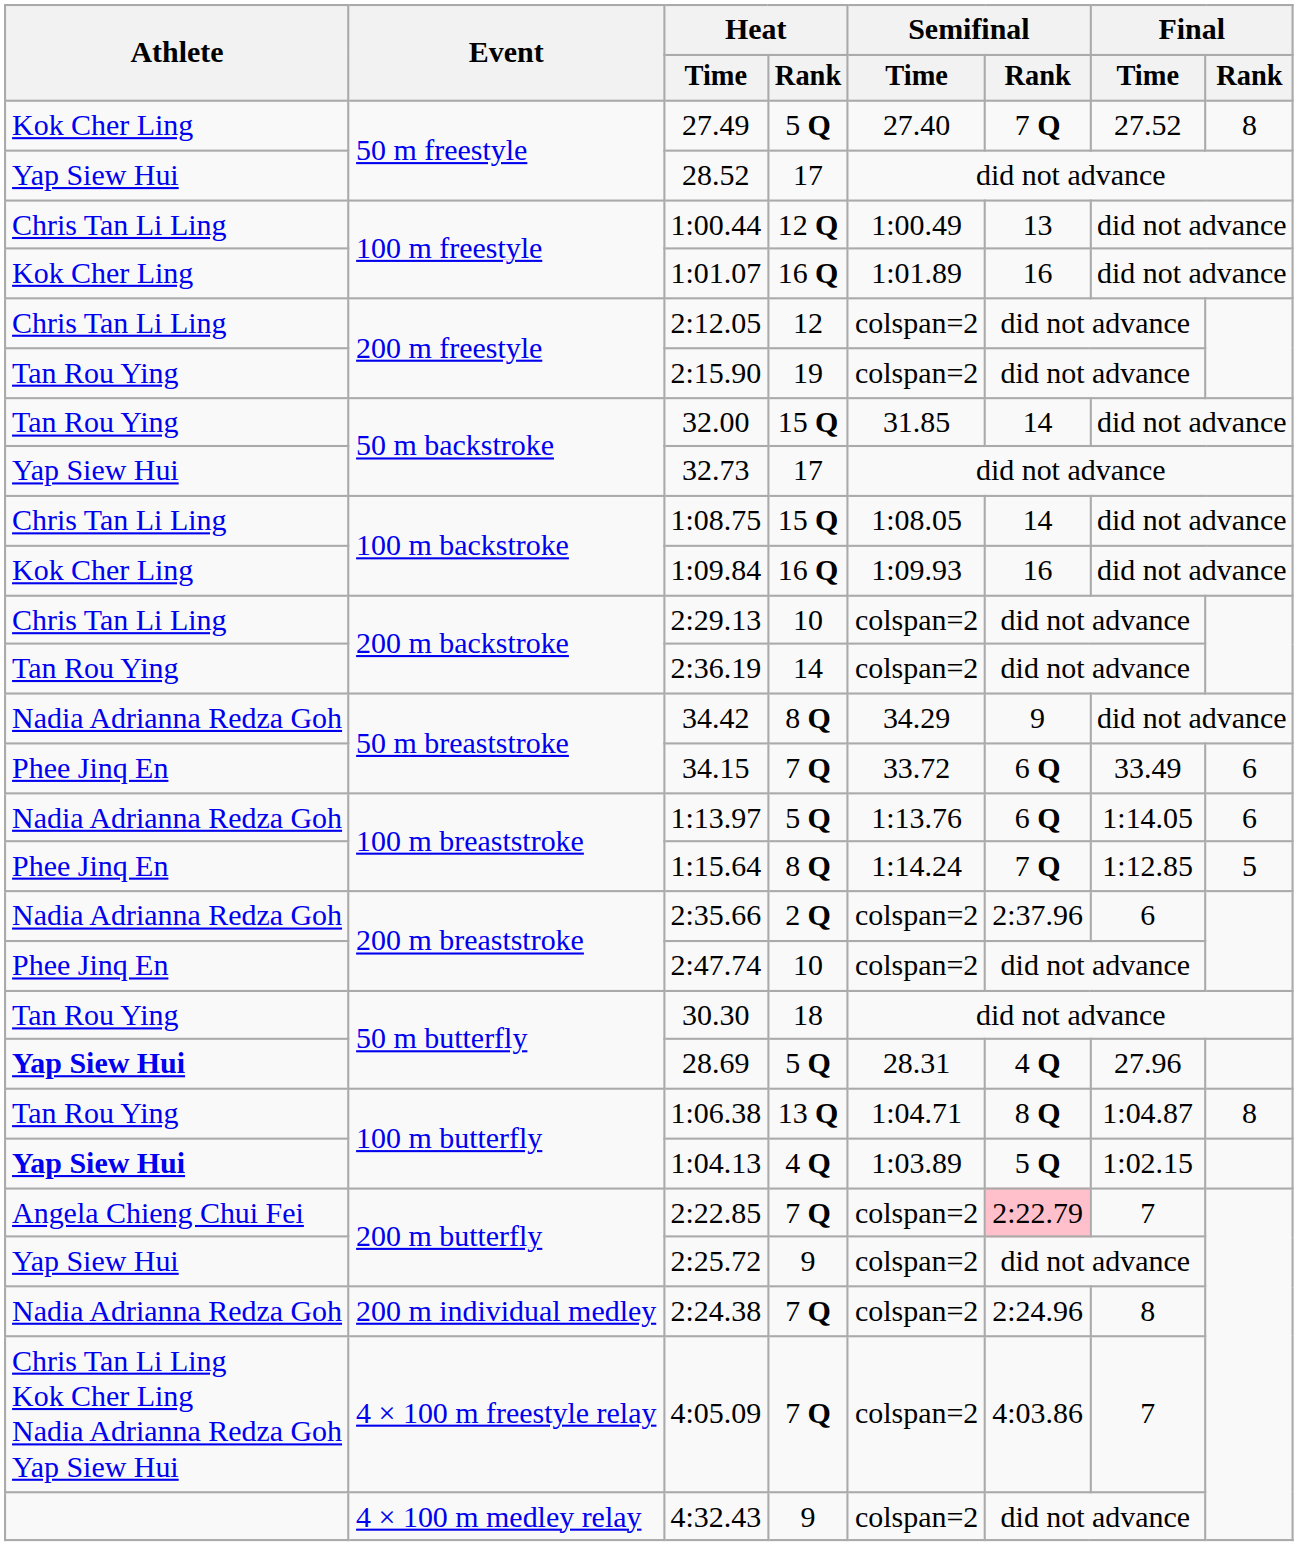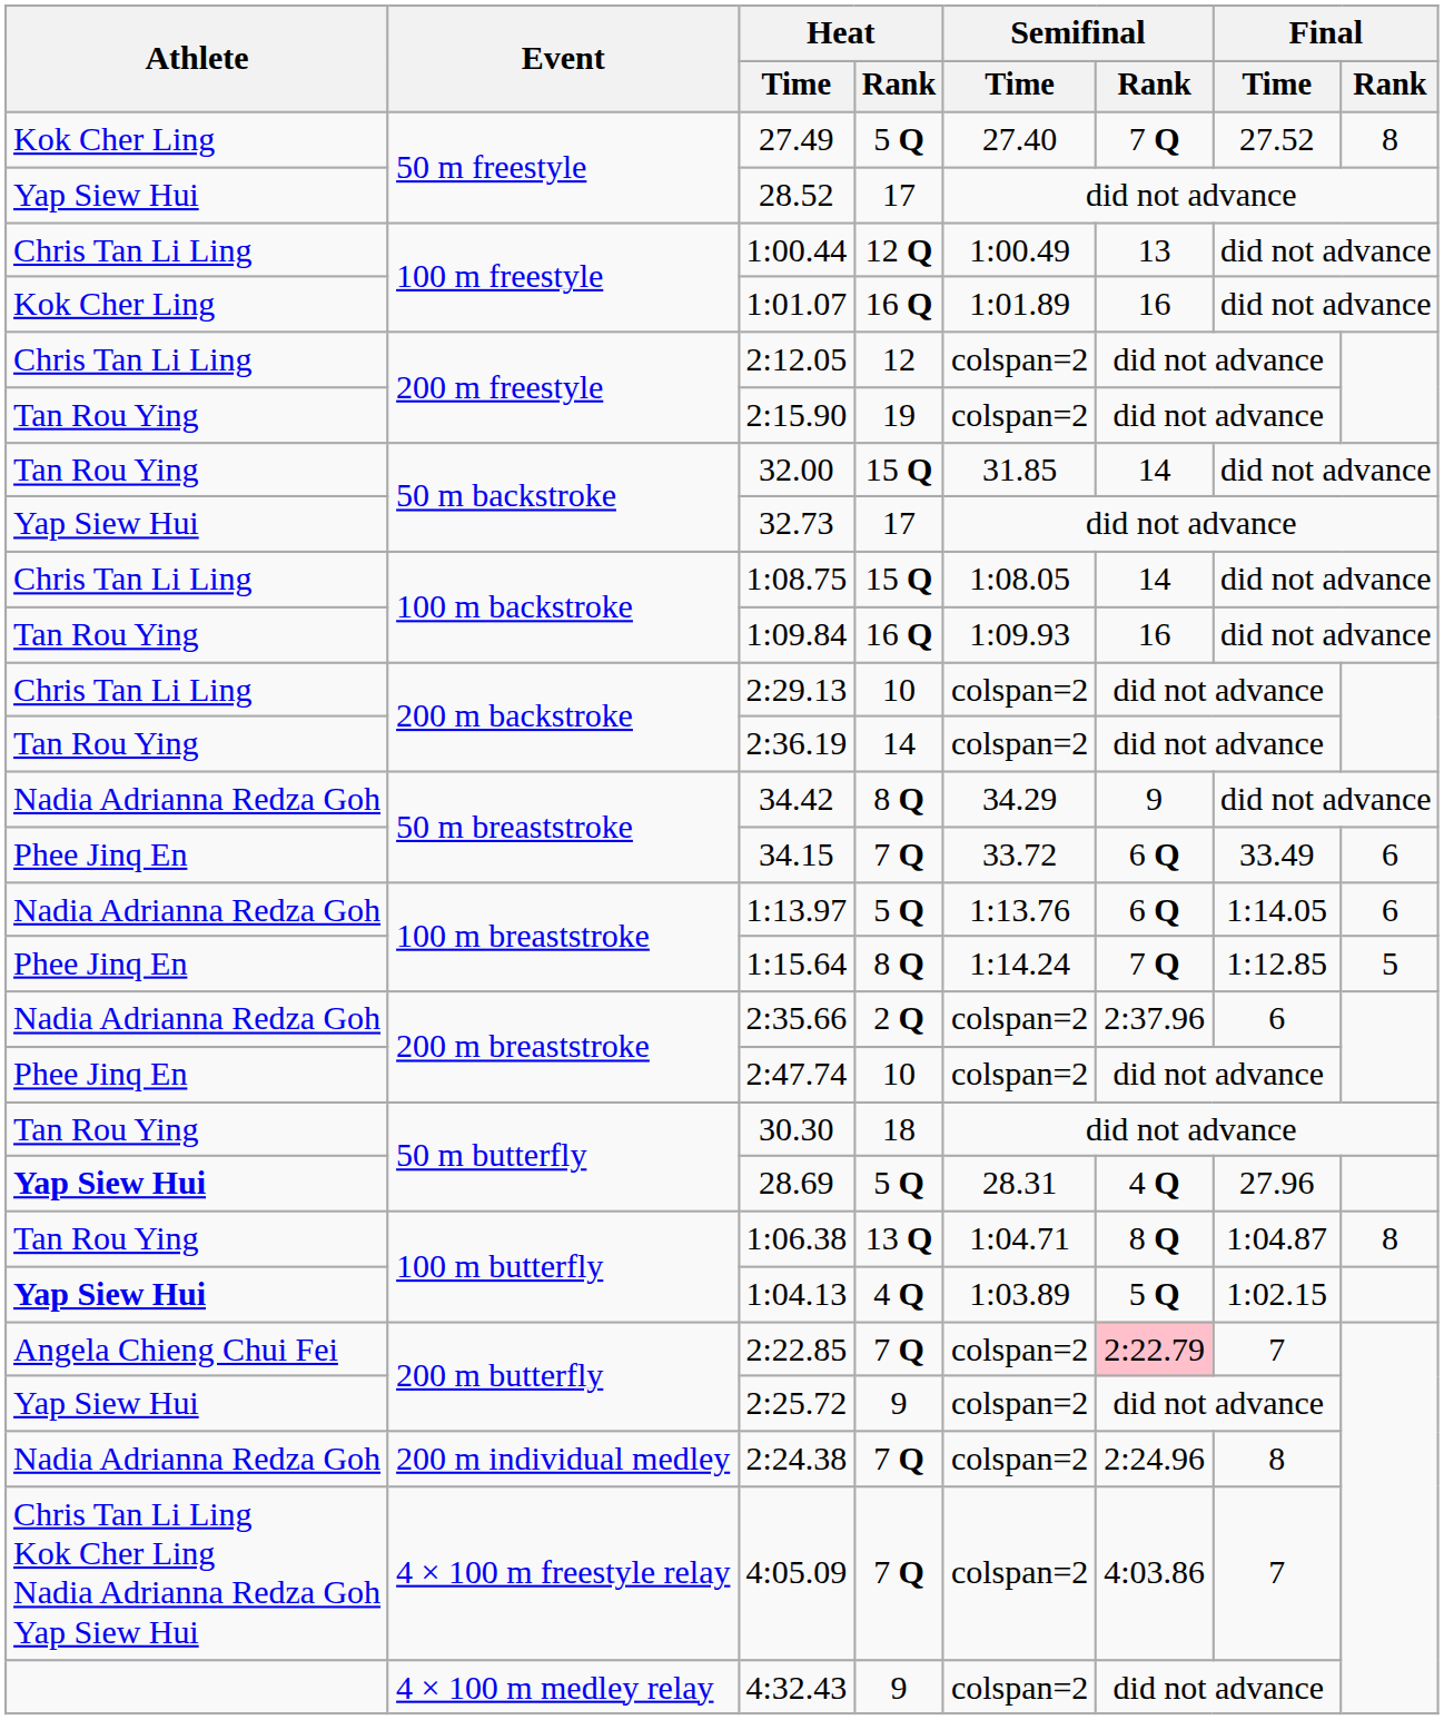 <table class=wikitable style="font-size:90%">
 <tr>
 <th rowspan=2>Athlete</th>
 <th rowspan=2>Event</th>
 <th colspan="2">Heat</th>
 <th colspan="2">Semifinal</th>
 <th colspan="2">Final</th>
 </tr>
 <tr style="font-size:95%">
 <th>Time</th>
 <th>Rank</th>
 <th>Time</th>
 <th>Rank</th>
 <th>Time</th>
 <th>Rank</th>
 </tr>
 <tr align=center>
 <td align=left><a href='#'>Kok Cher Ling</a></td>
 <td rowspan=2 align=left><a href='#'>50 m freestyle</a></td>
 <td>27.49</td>
 <td>5 <strong>Q</strong></td>
 <td>27.40</td>
 <td>7 <strong>Q</strong></td>
 <td>27.52</td>
 <td>8</td>
 </tr>
 <tr align=center>
 <td align=left><a href='#'>Yap Siew Hui</a></td>
 <td>28.52</td>
 <td>17</td>
 <td colspan=4>did not advance</td>
 </tr>
 <tr align=center>
 <td align=left><a href='#'>Chris Tan Li Ling</a></td>
 <td rowspan=2 align=left><a href='#'>100 m freestyle</a></td>
 <td>1:00.44</td>
 <td>12 <strong>Q</strong></td>
 <td>1:00.49</td>
 <td>13</td>
 <td colspan=2>did not advance</td>
 </tr>
 <tr align=center>
 <td align=left><a href='#'>Kok Cher Ling</a></td>
 <td>1:01.07</td>
 <td>16 <strong>Q</strong></td>
 <td>1:01.89</td>
 <td>16</td>
 <td colspan=2>did not advance</td>
 </tr>
 <tr align=center>
 <td align=left><a href='#'>Chris Tan Li Ling</a></td>
 <td rowspan=2 align=left><a href='#'>200 m freestyle</a></td>
 <td>2:12.05</td>
 <td>12</td>
 <td>colspan=2 </td>
 <td colspan=2>did not advance</td>
 </tr>
 <tr align=center>
 <td align=left><a href='#'>Tan Rou Ying</a></td>
 <td>2:15.90</td>
 <td>19</td>
 <td>colspan=2 </td>
 <td colspan=2>did not advance</td>
 </tr>
 <tr align=center>
 <td align=left><a href='#'>Tan Rou Ying</a></td>
 <td rowspan=2 align=left><a href='#'>50 m backstroke</a></td>
 <td>32.00</td>
 <td>15 <strong>Q</strong></td>
 <td>31.85</td>
 <td>14</td>
 <td colspan=2>did not advance</td>
 </tr>
 <tr align=center>
 <td align=left><a href='#'>Yap Siew Hui</a></td>
 <td>32.73</td>
 <td>17</td>
 <td colspan=4>did not advance</td>
 </tr>
 <tr align=center>
 <td align=left><a href='#'>Chris Tan Li Ling</a></td>
 <td rowspan=2 align=left><a href='#'>100 m backstroke</a></td>
 <td>1:08.75</td>
 <td>15 <strong>Q</strong></td>
 <td>1:08.05</td>
 <td>14</td>
 <td colspan=2>did not advance</td>
 </tr>
 <tr align=center>
-<td align=left><a href='#'>Kok Cher Ling</a></td>
+<td align=left><a href='#'>Tan Rou Ying</a></td>
 <td>1:09.84</td>
 <td>16 <strong>Q</strong></td>
 <td>1:09.93</td>
 <td>16</td>
 <td colspan=2>did not advance</td>
 </tr>
 <tr align=center>
 <td align=left><a href='#'>Chris Tan Li Ling</a></td>
 <td rowspan=2 align=left><a href='#'>200 m backstroke</a></td>
 <td>2:29.13</td>
 <td>10</td>
 <td>colspan=2 </td>
 <td colspan=2>did not advance</td>
 </tr>
 <tr align=center>
 <td align=left><a href='#'>Tan Rou Ying</a></td>
 <td>2:36.19</td>
 <td>14</td>
 <td>colspan=2 </td>
 <td colspan=2>did not advance</td>
 </tr>
 <tr align=center>
 <td align=left><a href='#'>Nadia Adrianna Redza Goh</a></td>
 <td rowspan=2 align=left><a href='#'>50 m breaststroke</a></td>
 <td>34.42</td>
 <td>8 <strong>Q</strong></td>
 <td>34.29</td>
 <td>9</td>
 <td colspan=2>did not advance</td>
 </tr>
 <tr align=center>
 <td align=left><a href='#'>Phee Jinq En</a></td>
 <td>34.15</td>
 <td>7 <strong>Q</strong></td>
 <td>33.72</td>
 <td>6 <strong>Q</strong></td>
 <td>33.49</td>
 <td>6</td>
 </tr>
 <tr align=center>
 <td align=left><a href='#'>Nadia Adrianna Redza Goh</a></td>
 <td rowspan=2 align=left><a href='#'>100 m breaststroke</a></td>
 <td>1:13.97</td>
 <td>5 <strong>Q</strong></td>
 <td>1:13.76</td>
 <td>6 <strong>Q</strong></td>
 <td>1:14.05</td>
 <td>6</td>
 </tr>
 <tr align=center>
 <td align=left><a href='#'>Phee Jinq En</a></td>
 <td>1:15.64</td>
 <td>8 <strong>Q</strong></td>
 <td>1:14.24</td>
 <td>7 <strong>Q</strong></td>
 <td>1:12.85</td>
 <td>5</td>
 </tr>
 <tr align=center>
 <td align=left><a href='#'>Nadia Adrianna Redza Goh</a></td>
 <td rowspan=2 align=left><a href='#'>200 m breaststroke</a></td>
 <td>2:35.66</td>
 <td>2 <strong>Q</strong></td>
 <td>colspan=2 </td>
 <td>2:37.96</td>
 <td>6</td>
 </tr>
 <tr align=center>
 <td align=left><a href='#'>Phee Jinq En</a></td>
 <td>2:47.74</td>
 <td>10</td>
 <td>colspan=2 </td>
 <td colspan=2>did not advance</td>
 </tr>
 <tr align=center>
 <td align=left><a href='#'>Tan Rou Ying</a></td>
 <td rowspan=2 align=left><a href='#'>50 m butterfly</a></td>
 <td>30.30</td>
 <td>18</td>
 <td colspan=4>did not advance</td>
 </tr>
 <tr align=center>
 <td align=left><strong><a href='#'>Yap Siew Hui</a></strong></td>
 <td>28.69</td>
 <td>5 <strong>Q</strong></td>
 <td>28.31</td>
 <td>4 <strong>Q</strong></td>
 <td>27.96</td>
 <td></td>
 </tr>
 <tr align=center>
 <td align=left><a href='#'>Tan Rou Ying</a></td>
 <td rowspan=2 align=left><a href='#'>100 m butterfly</a></td>
 <td>1:06.38</td>
 <td>13 <strong>Q</strong></td>
 <td>1:04.71</td>
 <td>8 <strong>Q</strong></td>
 <td>1:04.87</td>
 <td>8</td>
 </tr>
 <tr align=center>
 <td align=left><strong><a href='#'>Yap Siew Hui</a></strong></td>
 <td>1:04.13</td>
 <td>4 <strong>Q</strong></td>
 <td>1:03.89</td>
 <td>5 <strong>Q</strong></td>
 <td>1:02.15</td>
 <td></td>
 </tr>
 <tr align=center>
 <td align=left><a href='#'>Angela Chieng Chui Fei</a></td>
 <td rowspan=2 align=left><a href='#'>200 m butterfly</a></td>
 <td>2:22.85</td>
 <td>7 <strong>Q</strong></td>
 <td>colspan=2 </td>
 <td style="background: pink;">2:22.79</td>
 <td>7</td>
 </tr>
 <tr align=center>
 <td align=left><a href='#'>Yap Siew Hui</a></td>
 <td>2:25.72</td>
 <td>9</td>
 <td>colspan=2 </td>
 <td colspan=2>did not advance</td>
 </tr>
 <tr align=center>
 <td align=left><a href='#'>Nadia Adrianna Redza Goh</a></td>
 <td align=left><a href='#'>200 m individual medley</a></td>
 <td>2:24.38</td>
 <td>7 <strong>Q</strong></td>
 <td>colspan=2 </td>
 <td>2:24.96</td>
 <td>8</td>
 </tr>
 <tr align=center>
 <td align=left><a href='#'>Chris Tan Li Ling</a><br><a href='#'>Kok Cher Ling</a><br><a href='#'>Nadia Adrianna Redza Goh</a><br><a href='#'>Yap Siew Hui</a></td>
 <td align=left><a href='#'>4 × 100 m freestyle relay</a></td>
 <td>4:05.09</td>
 <td>7 <strong>Q</strong></td>
 <td>colspan=2 </td>
 <td>4:03.86</td>
 <td>7</td>
 </tr>
 <tr align=center>
 <td align=left></td>
 <td align=left><a href='#'>4 × 100 m medley relay</a></td>
 <td>4:32.43</td>
 <td>9</td>
 <td>colspan=2 </td>
 <td colspan=2>did not advance</td>
 </tr>
 </table>
